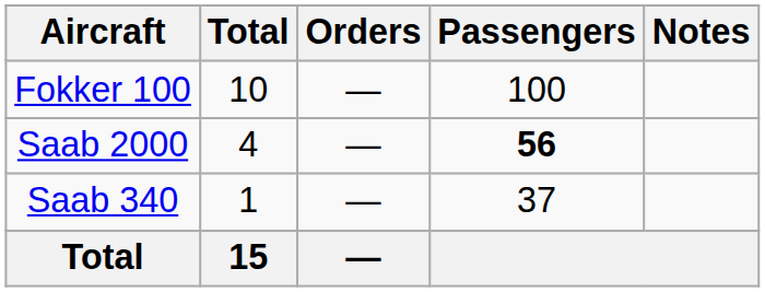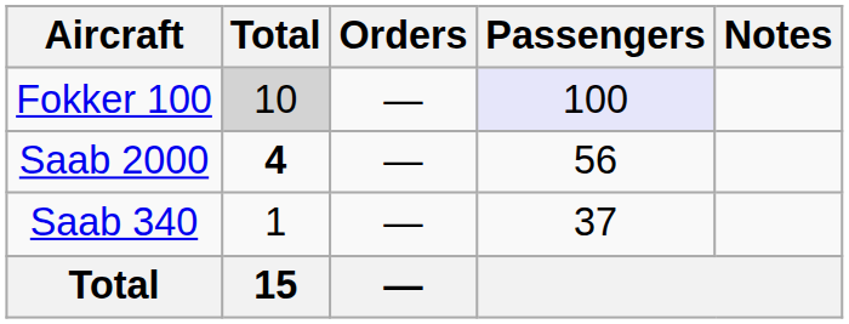 <table class="wikitable" style="margin:0.5em auto; text-align:center">
 <tr>
 <th>Aircraft</th>
 <th>Total</th>
 <th>Orders</th>
 <th>Passengers</th>
 <th>Notes</th>
 </tr>
 <tr>
 <td><a href='#'>Fokker 100</a></td>
-<td style="text-align:center;">10</td>
+<td style="background: lightgrey; text-align:center;">10</td>
 <td style="text-align:center;">—</td>
-<td style="text-align:center;">100</td>
+<td style="background: lavender; text-align:center;">100</td>
 <td></td>
 </tr>
 <tr>
 <td><a href='#'>Saab 2000</a></td>
-<td style="text-align:center;">4</td>
+<td style="text-align:center;"><strong>4</strong></td>
 <td style="text-align:center;">—</td>
-<td style="text-align:center;"><strong>56</strong></td>
+<td style="text-align:center;">56</td>
 <td></td>
 </tr>
 <tr>
 <td><a href='#'>Saab 340</a></td>
 <td style="text-align:center;">1</td>
 <td style="text-align:center;">—</td>
 <td style="text-align:center;">37</td>
 <td></td>
 </tr>
 <tr>
 <th>Total</th>
 <th>15</th>
 <th>—</th>
 <th colspan="7"></th>
 </tr>
 </table>
